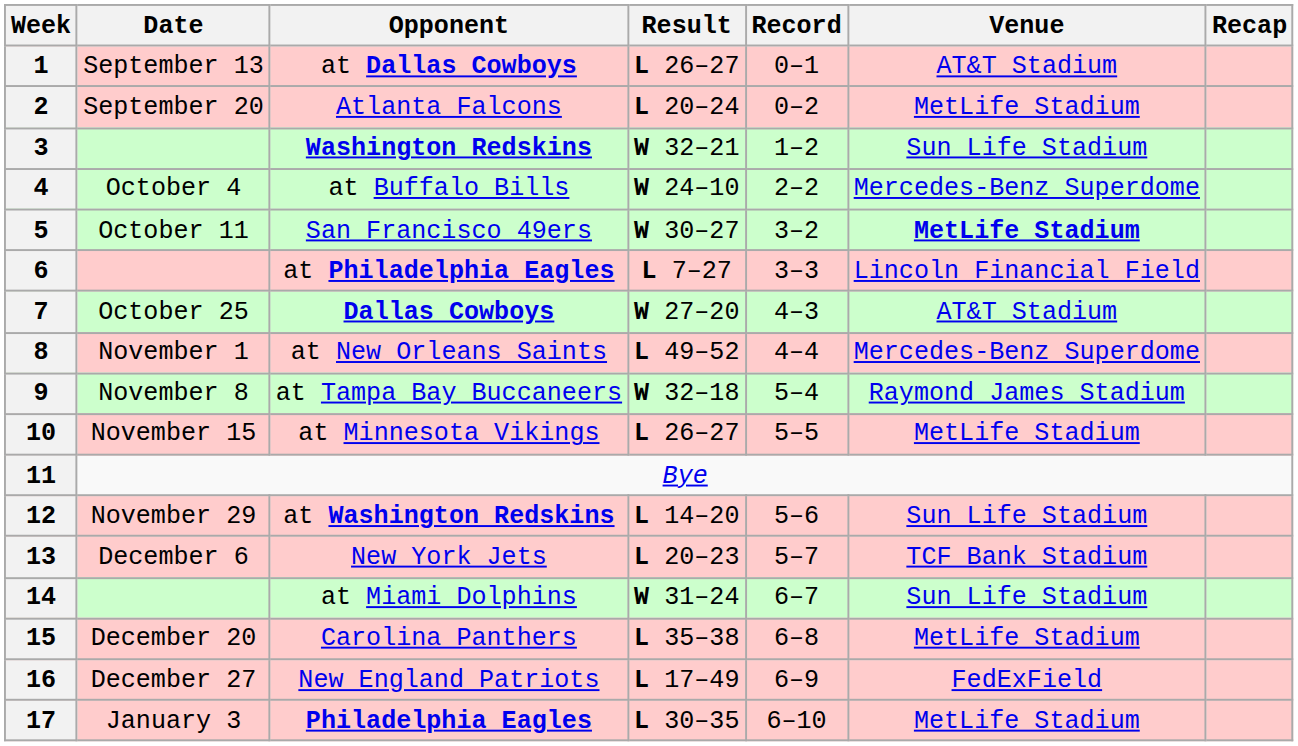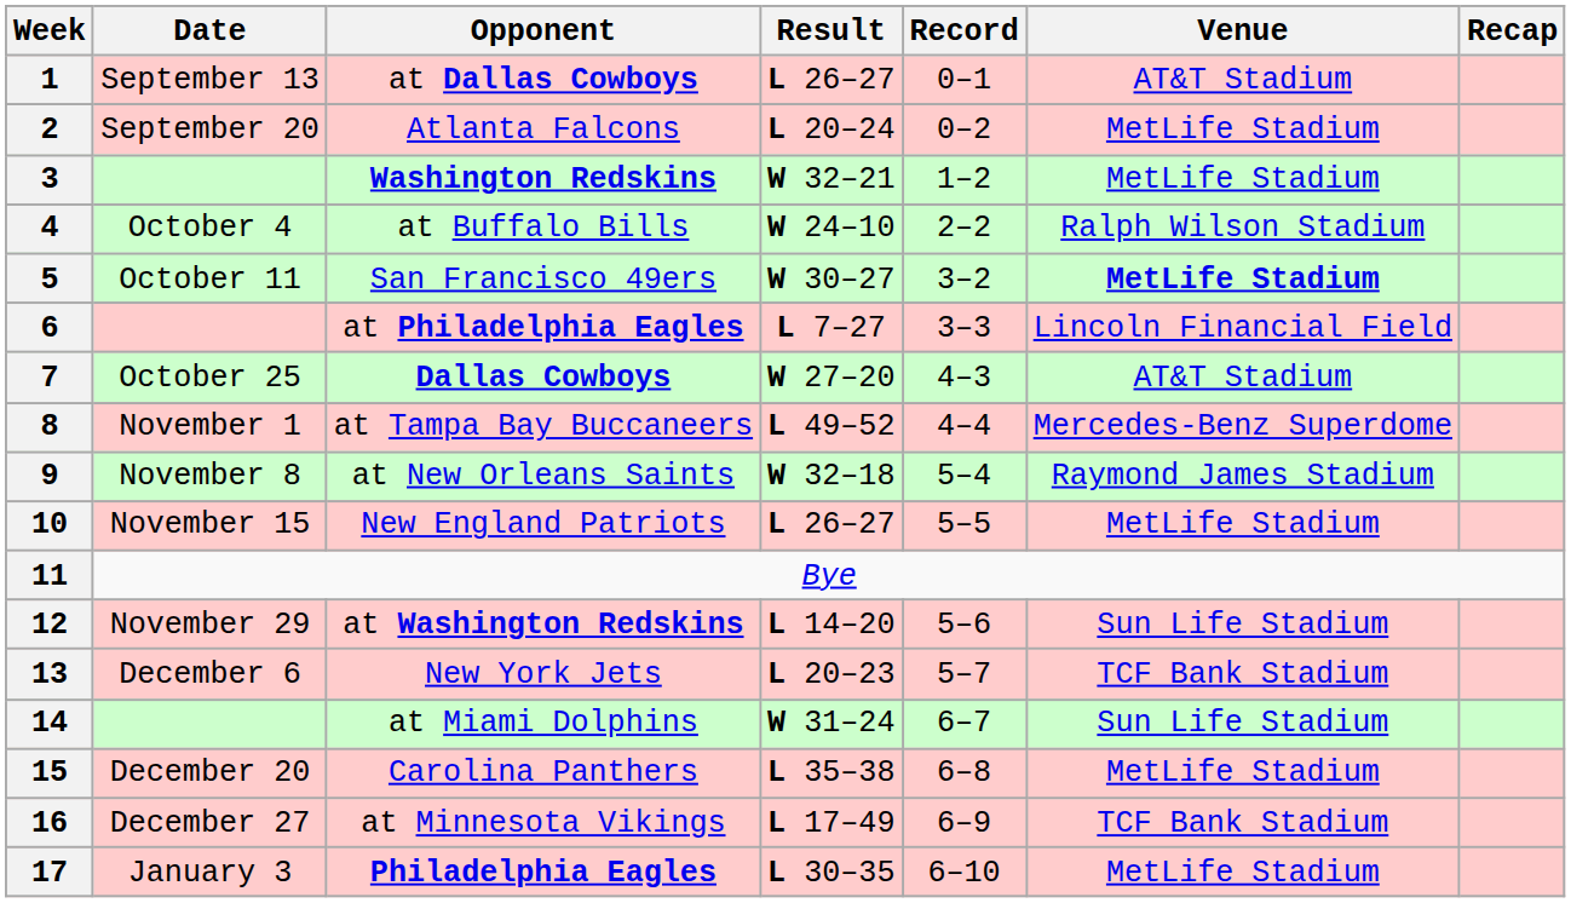 <table class="wikitable" style="text-align:center">
 <tr>
 <th>Week</th>
 <th>Date</th>
 <th>Opponent</th>
 <th>Result</th>
 <th>Record</th>
 <th>Venue</th>
 <th>Recap</th>
 </tr>
 <tr style="background:#fcc">
 <th>1</th>
 <td>September 13</td>
 <td>at <strong><a href='#'>Dallas Cowboys</a></strong></td>
 <td><strong>L</strong> 26–27</td>
 <td>0–1</td>
 <td><a href='#'>AT&T Stadium</a></td>
 <td></td>
 </tr>
 <tr style="background:#fcc">
 <th>2</th>
 <td>September 20</td>
 <td><a href='#'>Atlanta Falcons</a></td>
 <td><strong>L</strong> 20–24</td>
 <td>0–2</td>
 <td><a href='#'>MetLife Stadium</a></td>
 <td></td>
 </tr>
 <tr style="background:#cfc">
 <th>3</th>
 <td></td>
 <td><strong><a href='#'>Washington Redskins</a></strong></td>
 <td><strong>W</strong> 32–21</td>
 <td>1–2</td>
-<td><a href='#'>Sun Life Stadium</a></td>
+<td><a href='#'>MetLife Stadium</a></td>
 <td></td>
 </tr>
 <tr style="background:#cfc">
 <th>4</th>
 <td>October 4</td>
 <td>at <a href='#'>Buffalo Bills</a></td>
 <td><strong>W</strong> 24–10</td>
 <td>2–2</td>
-<td><a href='#'>Mercedes-Benz Superdome</a></td>
+<td><a href='#'>Ralph Wilson Stadium</a></td>
 <td></td>
 </tr>
 <tr style="background:#cfc">
 <th>5</th>
 <td>October 11</td>
 <td><a href='#'>San Francisco 49ers</a></td>
 <td><strong>W</strong> 30–27</td>
 <td>3–2</td>
 <td><strong><a href='#'>MetLife Stadium</a></strong></td>
 <td></td>
 </tr>
 <tr style="background:#fcc">
 <th>6</th>
 <td></td>
 <td>at <strong><a href='#'>Philadelphia Eagles</a></strong></td>
 <td><strong>L</strong> 7–27</td>
 <td>3–3</td>
 <td><a href='#'>Lincoln Financial Field</a></td>
 <td></td>
 </tr>
 <tr style="background:#cfc">
 <th>7</th>
 <td>October 25</td>
 <td><strong><a href='#'>Dallas Cowboys</a></strong></td>
 <td><strong>W</strong> 27–20</td>
 <td>4–3</td>
 <td><a href='#'>AT&T Stadium</a></td>
 <td></td>
 </tr>
 <tr style="background:#fcc">
 <th>8</th>
 <td>November 1</td>
-<td>at <a href='#'>New Orleans Saints</a></td>
+<td>at <a href='#'>Tampa Bay Buccaneers</a></td>
 <td><strong>L</strong> 49–52</td>
 <td>4–4</td>
 <td><a href='#'>Mercedes-Benz Superdome</a></td>
 <td></td>
 </tr>
 <tr style="background:#cfc">
 <th>9</th>
 <td>November 8</td>
-<td>at <a href='#'>Tampa Bay Buccaneers</a></td>
+<td>at <a href='#'>New Orleans Saints</a></td>
 <td><strong>W</strong> 32–18</td>
 <td>5–4</td>
 <td><a href='#'>Raymond James Stadium</a></td>
 <td></td>
 </tr>
 <tr style="background:#fcc">
 <th>10</th>
 <td>November 15</td>
-<td>at <a href='#'>Minnesota Vikings</a></td>
+<td><a href='#'>New England Patriots</a></td>
 <td><strong>L</strong> 26–27</td>
 <td>5–5</td>
 <td><a href='#'>MetLife Stadium</a></td>
 <td></td>
 </tr>
 <tr>
 <th>11</th>
 <td colspan="6"><em><a href='#'>Bye</a></em></td>
 </tr>
 <tr style="background:#fcc">
 <th>12</th>
 <td>November 29</td>
 <td>at <strong><a href='#'>Washington Redskins</a></strong></td>
 <td><strong>L</strong> 14–20</td>
 <td>5–6</td>
 <td><a href='#'>Sun Life Stadium</a></td>
 <td></td>
 </tr>
 <tr style="background:#fcc">
 <th>13</th>
 <td>December 6</td>
 <td><a href='#'>New York Jets</a></td>
 <td><strong>L</strong> 20–23 </td>
 <td>5–7</td>
 <td><a href='#'>TCF Bank Stadium</a></td>
 <td></td>
 </tr>
 <tr style="background:#cfc">
 <th>14</th>
 <td></td>
 <td>at <a href='#'>Miami Dolphins</a></td>
 <td><strong>W</strong> 31–24</td>
 <td>6–7</td>
 <td><a href='#'>Sun Life Stadium</a></td>
 <td></td>
 </tr>
 <tr style="background:#fcc">
 <th>15</th>
 <td>December 20</td>
 <td><a href='#'>Carolina Panthers</a></td>
 <td><strong>L</strong> 35–38</td>
 <td>6–8</td>
 <td><a href='#'>MetLife Stadium</a></td>
 <td></td>
 </tr>
 <tr style="background:#fcc">
 <th>16</th>
 <td>December 27</td>
-<td><a href='#'>New England Patriots</a></td>
+<td>at <a href='#'>Minnesota Vikings</a></td>
 <td><strong>L</strong> 17–49</td>
 <td>6–9</td>
-<td><a href='#'>FedExField</a></td>
+<td><a href='#'>TCF Bank Stadium</a></td>
 <td></td>
 </tr>
 <tr style="background:#fcc">
 <th>17</th>
 <td>January 3</td>
 <td><strong><a href='#'>Philadelphia Eagles</a></strong></td>
 <td><strong>L</strong> 30–35</td>
 <td>6–10</td>
 <td><a href='#'>MetLife Stadium</a></td>
 <td></td>
 </tr>
 </table>
